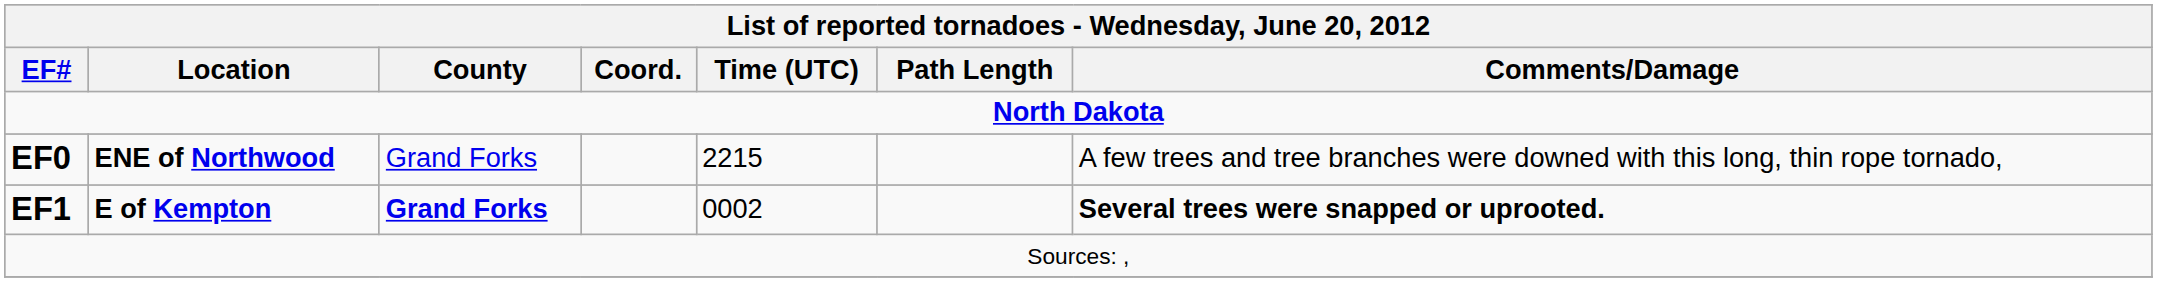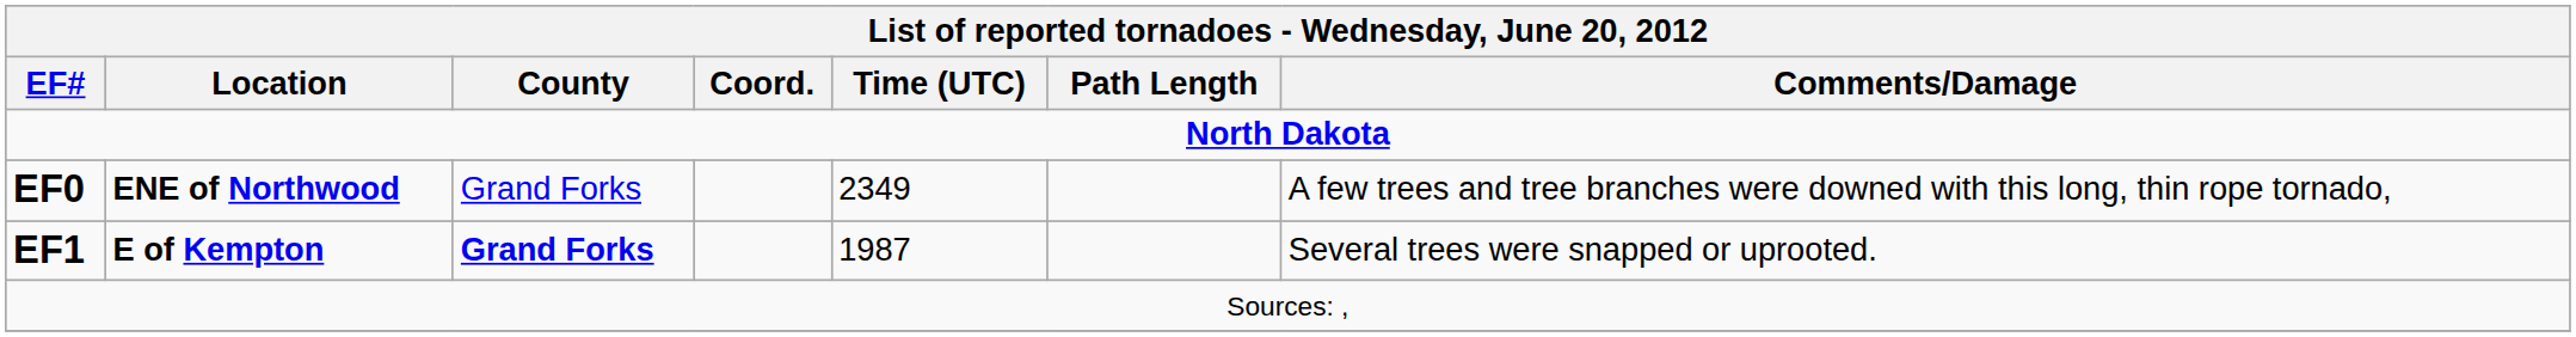 <table class="wikitable collapsible" width="100%">
 <tr>
 <th colspan="7">List of reported tornadoes - Wednesday, June 20, 2012</th>
 </tr>
 <tr>
 <th><a href='#'>EF#</a></th>
 <th>Location</th>
 <th>County</th>
 <th>Coord.</th>
 <th>Time (UTC)</th>
 <th>Path Length</th>
 <th>Comments/Damage</th>
 </tr>
 <tr>
 <td colspan="7" align=center><strong><a href='#'>North Dakota</a></strong></td>
 </tr>
 <tr>
 <td><big><strong>EF0</strong></big></td>
 <td><strong>ENE of <a href='#'>Northwood</a></strong></td>
 <td><a href='#'>Grand Forks</a></td>
 <td></td>
-<td>2215</td>
+<td>2349</td>
 <td></td>
 <td>A few trees and tree branches were downed with this long, thin rope tornado,</td>
 </tr>
 <tr>
 <td><big><strong>EF1</strong></big></td>
 <td><strong>E of <a href='#'>Kempton</a></strong></td>
 <td><strong><a href='#'>Grand Forks</a></strong></td>
 <td></td>
-<td>0002</td>
+<td>1987</td>
 <td></td>
-<td><strong>Several trees were snapped or uprooted.</strong></td>
+<td>Several trees were snapped or uprooted.</td>
 </tr>
 <tr>
 <td colspan="7" align=center><small>Sources: , </small></td>
 </tr>
 <tr>
 </tr>
 </table>
